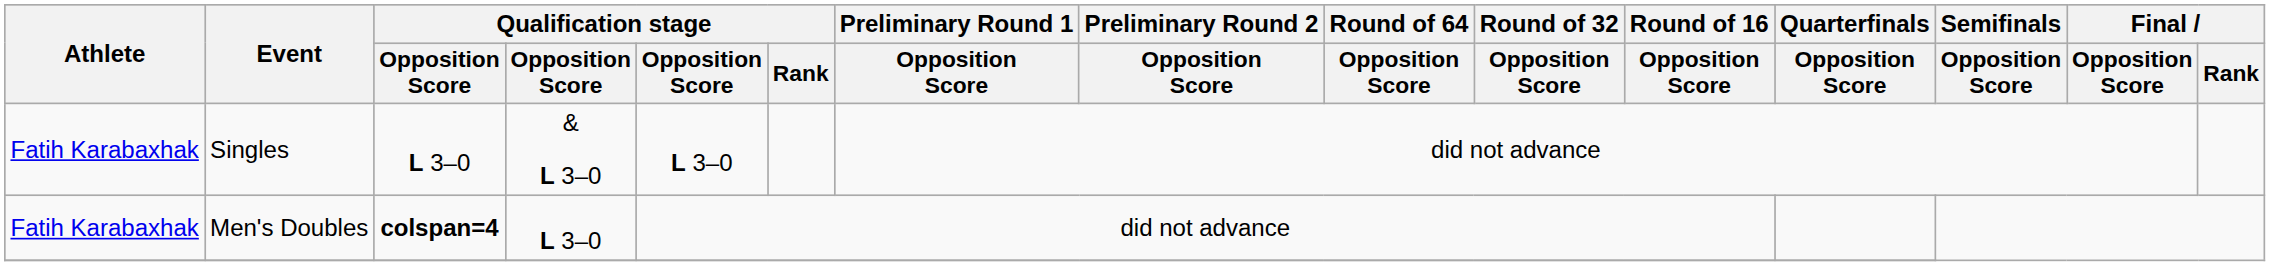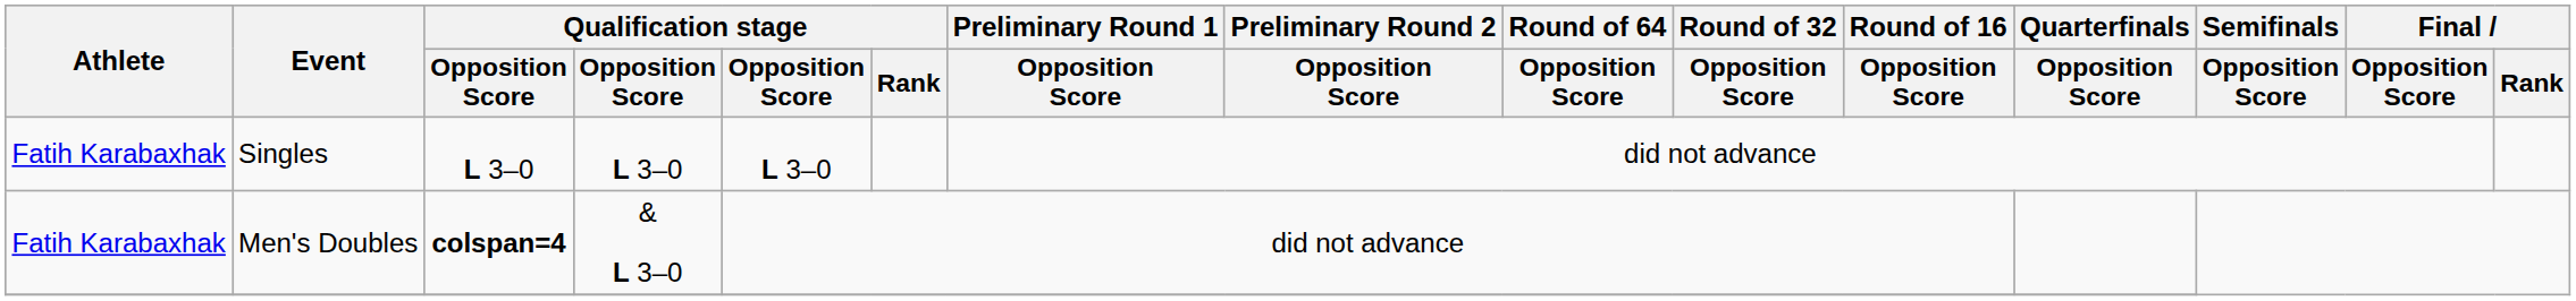 <table class=wikitable style=font-size:90%;text-align:center>
 <tr>
 <th rowspan=2>Athlete</th>
 <th rowspan=2>Event</th>
 <th colspan=4>Qualification stage</th>
 <th>Preliminary Round 1</th>
 <th>Preliminary Round 2</th>
 <th>Round of 64</th>
 <th>Round of 32</th>
 <th>Round of 16</th>
 <th>Quarterfinals</th>
 <th>Semifinals</th>
 <th colspan=2>Final / </th>
 </tr>
 <tr style=font-size:95%>
 <th>Opposition<br>Score</th>
 <th>Opposition<br>Score</th>
 <th>Opposition<br>Score</th>
 <th>Rank</th>
 <th>Opposition<br>Score</th>
 <th>Opposition<br>Score</th>
 <th>Opposition<br>Score</th>
 <th>Opposition<br>Score</th>
 <th>Opposition<br>Score</th>
 <th>Opposition<br>Score</th>
 <th>Opposition<br>Score</th>
 <th>Opposition<br>Score</th>
 <th>Rank</th>
 </tr>
 <tr>
 <td align=left><a href='#'>Fatih Karabaxhak</a></td>
 <td align=left>Singles</td>
 <td><br><strong>L</strong> 3–0</td>
-<td> & <br><br><strong>L</strong> 3–0</td>
+<td><br><strong>L</strong> 3–0</td>
 <td><br><strong>L</strong> 3–0</td>
 <td></td>
 <td colspan=8>did not advance</td>
 <td></td>
 </tr>
 <tr>
 <td align=left><a href='#'>Fatih Karabaxhak</a><br></td>
 <td align=left>Men's Doubles</td>
 <td><strong>colspan=4</strong></td>
-<td><br><strong>L</strong> 3–0</td>
+<td> & <br><br><strong>L</strong> 3–0</td>
 <td colspan=7>did not advance</td>
 <td></td>
 </tr>
 <tr>
 </tr>
 </table>
